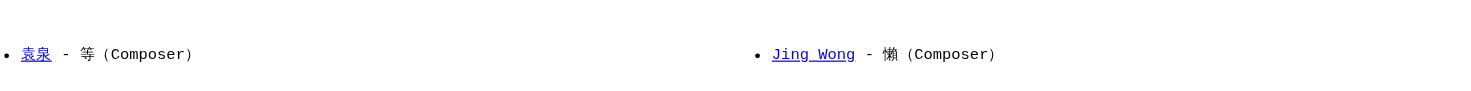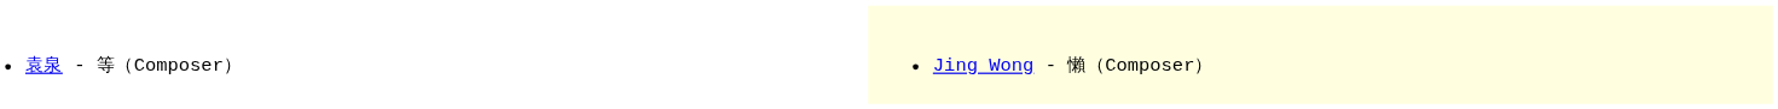 <table border="0" cellpadding="5" width="100%">
 <tr ---- valign="top">
 <td width="50%"></td>
 <td width="50%"></td>
 </tr>
 <tr ---->
 <td valign="top"><br><ul><li><a href='#'>袁泉</a> - 等（Composer）</li></ul></td>
-<td valign="top"><br><ul><li><a href='#'>Jing Wong</a> - 懶（Composer）</li></ul></td>
+<td valign="top" style="background: lightyellow;"><br><ul><li><a href='#'>Jing Wong</a> - 懶（Composer）</li></ul></td>
 </tr>
 </table>
